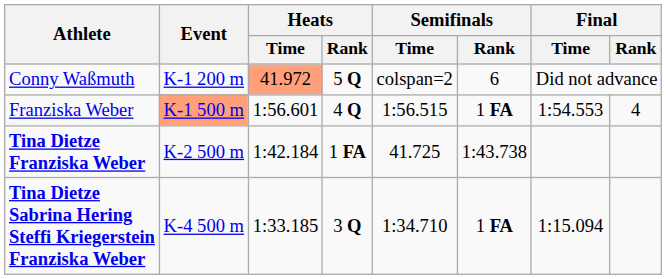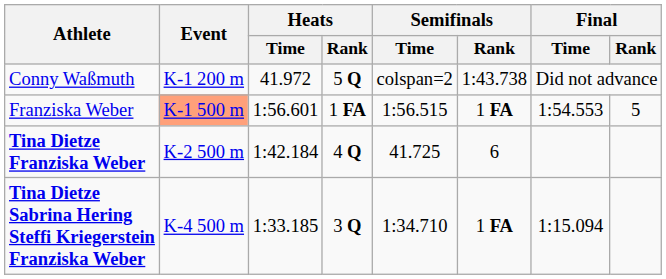 <table class=wikitable style="font-size:90%">
 <tr>
 <th rowspan="2">Athlete</th>
 <th rowspan="2">Event</th>
 <th colspan=2>Heats</th>
 <th colspan=2>Semifinals</th>
 <th colspan=2>Final</th>
 </tr>
 <tr style="font-size:95%">
 <th>Time</th>
 <th>Rank</th>
 <th>Time</th>
 <th>Rank</th>
 <th>Time</th>
 <th>Rank</th>
 </tr>
 <tr align=center>
 <td align=left><a href='#'>Conny Waßmuth</a></td>
 <td align=left><a href='#'>K-1 200 m</a></td>
-<td style="background: lightsalmon;">41.972</td>
+<td>41.972</td>
 <td>5 <strong>Q</strong></td>
 <td>colspan=2 </td>
-<td>6</td>
+<td>1:43.738</td>
 <td colspan=2>Did not advance</td>
 </tr>
 <tr align=center>
 <td align=left><a href='#'>Franziska Weber</a></td>
 <td align=left style="background: lightsalmon;"><a href='#'>K-1 500 m</a></td>
 <td>1:56.601</td>
-<td>4 <strong>Q</strong></td>
+<td>1 <strong>FA</strong></td>
 <td>1:56.515</td>
 <td>1 <strong>FA</strong></td>
 <td>1:54.553</td>
-<td>4</td>
+<td>5</td>
 </tr>
 <tr align=center>
 <td align=left><strong><a href='#'>Tina Dietze</a><br><a href='#'>Franziska Weber</a></strong></td>
 <td align=left><a href='#'>K-2 500 m</a></td>
 <td>1:42.184</td>
-<td>1 <strong>FA</strong></td>
+<td>4 <strong>Q</strong></td>
 <td>41.725</td>
-<td>1:43.738</td>
+<td>6</td>
 <td></td>
 </tr>
 <tr align=center>
 <td align=left><strong><a href='#'>Tina Dietze</a><br><a href='#'>Sabrina Hering</a><br><a href='#'>Steffi Kriegerstein</a><br><a href='#'>Franziska Weber</a></strong></td>
 <td align=left><a href='#'>K-4 500 m</a></td>
 <td>1:33.185</td>
 <td>3 <strong>Q</strong></td>
 <td>1:34.710</td>
 <td>1 <strong>FA</strong></td>
 <td>1:15.094</td>
 <td></td>
 </tr>
 </table>
